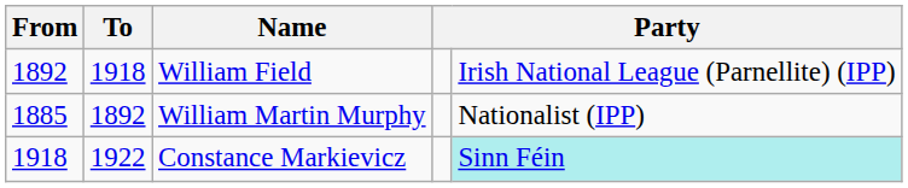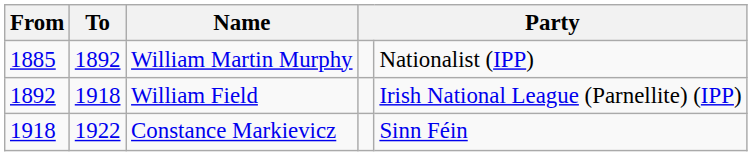 <table class="wikitable">
 <tr>
 <th>From</th>
 <th>To</th>
 <th>Name</th>
 <th colspan="2">Party</th>
+</tr>
+<tr>
+<td><a href='#'>1885</a></td>
+<td><a href='#'>1892</a></td>
+<td><a href='#'>William Martin Murphy</a></td>
+<td style="color:inherit;background: "> </td>
+<td>Nationalist (<a href='#'>IPP</a>)</td>
 </tr>
 <tr>
 <td><a href='#'>1892</a></td>
 <td><a href='#'>1918</a></td>
 <td><a href='#'>William Field</a></td>
 <td style="color:inherit;background: "> </td>
 <td><a href='#'>Irish National League</a> (Parnellite) (<a href='#'>IPP</a>)</td>
 </tr>
 <tr>
-<td><a href='#'>1885</a></td>
-<td><a href='#'>1892</a></td>
-<td><a href='#'>William Martin Murphy</a></td>
-<td style="color:inherit;background: "> </td>
-<td>Nationalist (<a href='#'>IPP</a>)</td>
-</tr>
-<tr>
 <td><a href='#'>1918</a></td>
 <td><a href='#'>1922</a></td>
 <td><a href='#'>Constance Markievicz</a></td>
 <td style="color:inherit;background: "> </td>
-<td style="background: paleturquoise;"><a href='#'>Sinn Féin</a></td>
+<td><a href='#'>Sinn Féin</a></td>
 </tr>
 </table>
